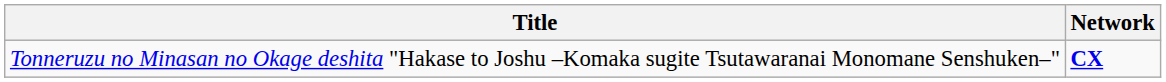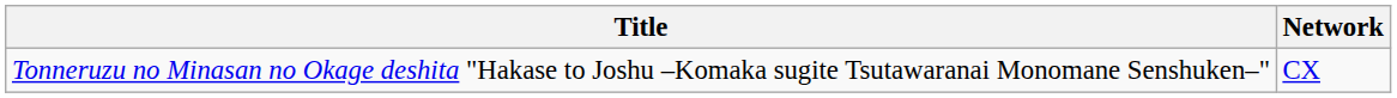 <table class="wikitable">
 <tr>
 <th>Title</th>
 <th>Network</th>
 </tr>
 <tr>
 <td><em><a href='#'>Tonneruzu no Minasan no Okage deshita</a></em> "Hakase to Joshu –Komaka sugite Tsutawaranai Monomane Senshuken–"</td>
-<td><strong><a href='#'>CX</a></strong></td>
+<td><a href='#'>CX</a></td>
 </tr>
 </table>
